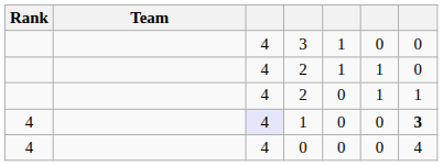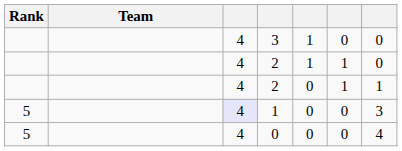 <table class="wikitable" style="text-align: center;">
 <tr>
 <th width=40>Rank</th>
 <th width=180>Team</th>
 <th width=30></th>
 <th width=30></th>
 <th width=30></th>
 <th width=30></th>
 <th width=30></th>
 </tr>
 <tr>
 <td></td>
 <td align="left"></td>
 <td>4</td>
 <td>3</td>
 <td>1</td>
 <td>0</td>
 <td>0</td>
 </tr>
 <tr>
 <td></td>
 <td align="left"></td>
 <td>4</td>
 <td>2</td>
 <td>1</td>
 <td>1</td>
 <td>0</td>
 </tr>
 <tr>
 <td></td>
 <td align="left"></td>
 <td>4</td>
 <td>2</td>
 <td>0</td>
 <td>1</td>
 <td>1</td>
 </tr>
 <tr>
-<td>4</td>
+<td>5</td>
 <td align="left"></td>
 <td style="background: lavender;">4</td>
 <td>1</td>
 <td>0</td>
 <td>0</td>
-<td><strong>3</strong></td>
+<td>3</td>
 </tr>
 <tr>
-<td>4</td>
+<td>5</td>
 <td align="left"></td>
 <td>4</td>
 <td>0</td>
 <td>0</td>
 <td>0</td>
 <td>4</td>
 </tr>
 </table>
